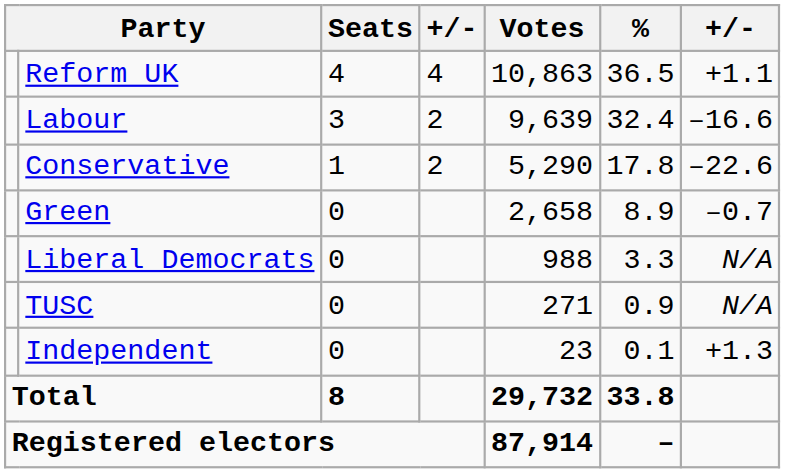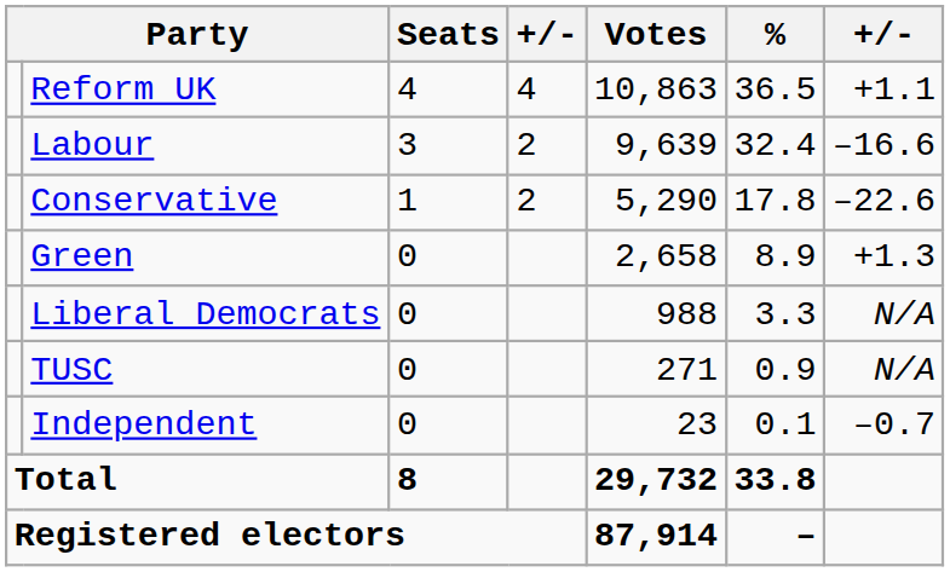 <table class="wikitable sortable">
 <tr>
 <th colspan="2">Party</th>
 <th>Seats</th>
 <th>+/-</th>
 <th>Votes</th>
 <th>%</th>
 <th>+/-</th>
 </tr>
 <tr>
 <td style="background-color: "></td>
 <td><a href='#'>Reform UK</a></td>
 <td>4</td>
 <td> 4</td>
 <td style="text-align:right;">10,863</td>
 <td style="text-align:right;">36.5</td>
 <td style="text-align:right;">+1.1</td>
 </tr>
 <tr>
 <td style="background-color: "></td>
 <td><a href='#'>Labour</a></td>
 <td>3</td>
 <td> 2</td>
 <td style="text-align:right;">9,639</td>
 <td style="text-align:right;">32.4</td>
 <td style="text-align:right;">–16.6</td>
 </tr>
 <tr>
 <td style="background-color: "></td>
 <td><a href='#'>Conservative</a></td>
 <td>1</td>
 <td> 2</td>
 <td style="text-align:right;">5,290</td>
 <td style="text-align:right;">17.8</td>
 <td style="text-align:right;">–22.6</td>
 </tr>
 <tr>
 <td style="background-color: "></td>
 <td><a href='#'>Green</a></td>
 <td>0</td>
 <td></td>
 <td style="text-align:right;">2,658</td>
 <td style="text-align:right;">8.9</td>
-<td style="text-align:right;">–0.7</td>
+<td style="text-align:right;">+1.3</td>
 </tr>
 <tr>
 <td style="background-color: "></td>
 <td><a href='#'>Liberal Democrats</a></td>
 <td>0</td>
 <td></td>
 <td style="text-align:right;">988</td>
 <td style="text-align:right;">3.3</td>
 <td style="text-align:right;"><em>N/A</em></td>
 </tr>
 <tr>
 <td style="background-color: "></td>
 <td><a href='#'>TUSC</a></td>
 <td>0</td>
 <td></td>
 <td style="text-align:right;">271</td>
 <td style="text-align:right;">0.9</td>
 <td style="text-align:right;"><em>N/A</em></td>
 </tr>
 <tr>
 <td style="background-color: "></td>
 <td><a href='#'>Independent</a></td>
 <td>0</td>
 <td></td>
 <td style="text-align:right;">23</td>
 <td style="text-align:right;">0.1</td>
-<td style="text-align:right;">+1.3</td>
+<td style="text-align:right;">–0.7</td>
 </tr>
 <tr>
 <td colspan="2"><strong>Total</strong></td>
 <td><strong>8</strong></td>
 <td></td>
 <td style="text-align:right;"><strong>29,732</strong></td>
 <td style="text-align:right;"><strong>33.8</strong></td>
 <td style="text-align:right;"></td>
 </tr>
 <tr>
 <td colspan="4"><strong>Registered electors</strong></td>
 <td style="text-align:right;"><strong>87,914</strong></td>
 <td style="text-align:right;"><strong>–</strong></td>
 <td style="text-align:right;"></td>
 </tr>
 </table>
